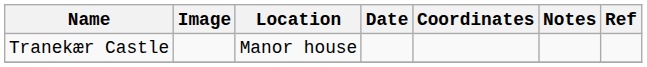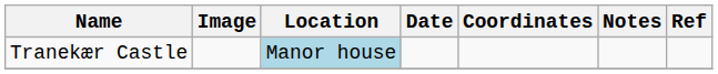 <table class="wikitable sortable">
 <tr>
 <th>Name</th>
 <th>Image</th>
 <th>Location</th>
 <th>Date</th>
 <th>Coordinates</th>
 <th>Notes</th>
 <th>Ref</th>
 </tr>
 <tr>
 <td>Tranekær  Castle</td>
 <td></td>
-<td>Manor house</td>
+<td style="background: lightblue;">Manor house</td>
 <td></td>
 <td></td>
 <td></td>
 <td></td>
 </tr>
 <tr>
 </tr>
 </table>
